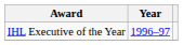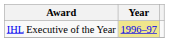 <table class="wikitable">
 <tr>
 <th>Award</th>
 <th>Year</th>
 <th></th>
 </tr>
 <tr>
 <td><a href='#'>IHL</a> Executive of the Year</td>
-<td><a href='#'>1996–97</a></td>
+<td style="background: khaki;"><a href='#'>1996–97</a></td>
 <td></td>
 </tr>
 <tr>
 </tr>
 </table>
